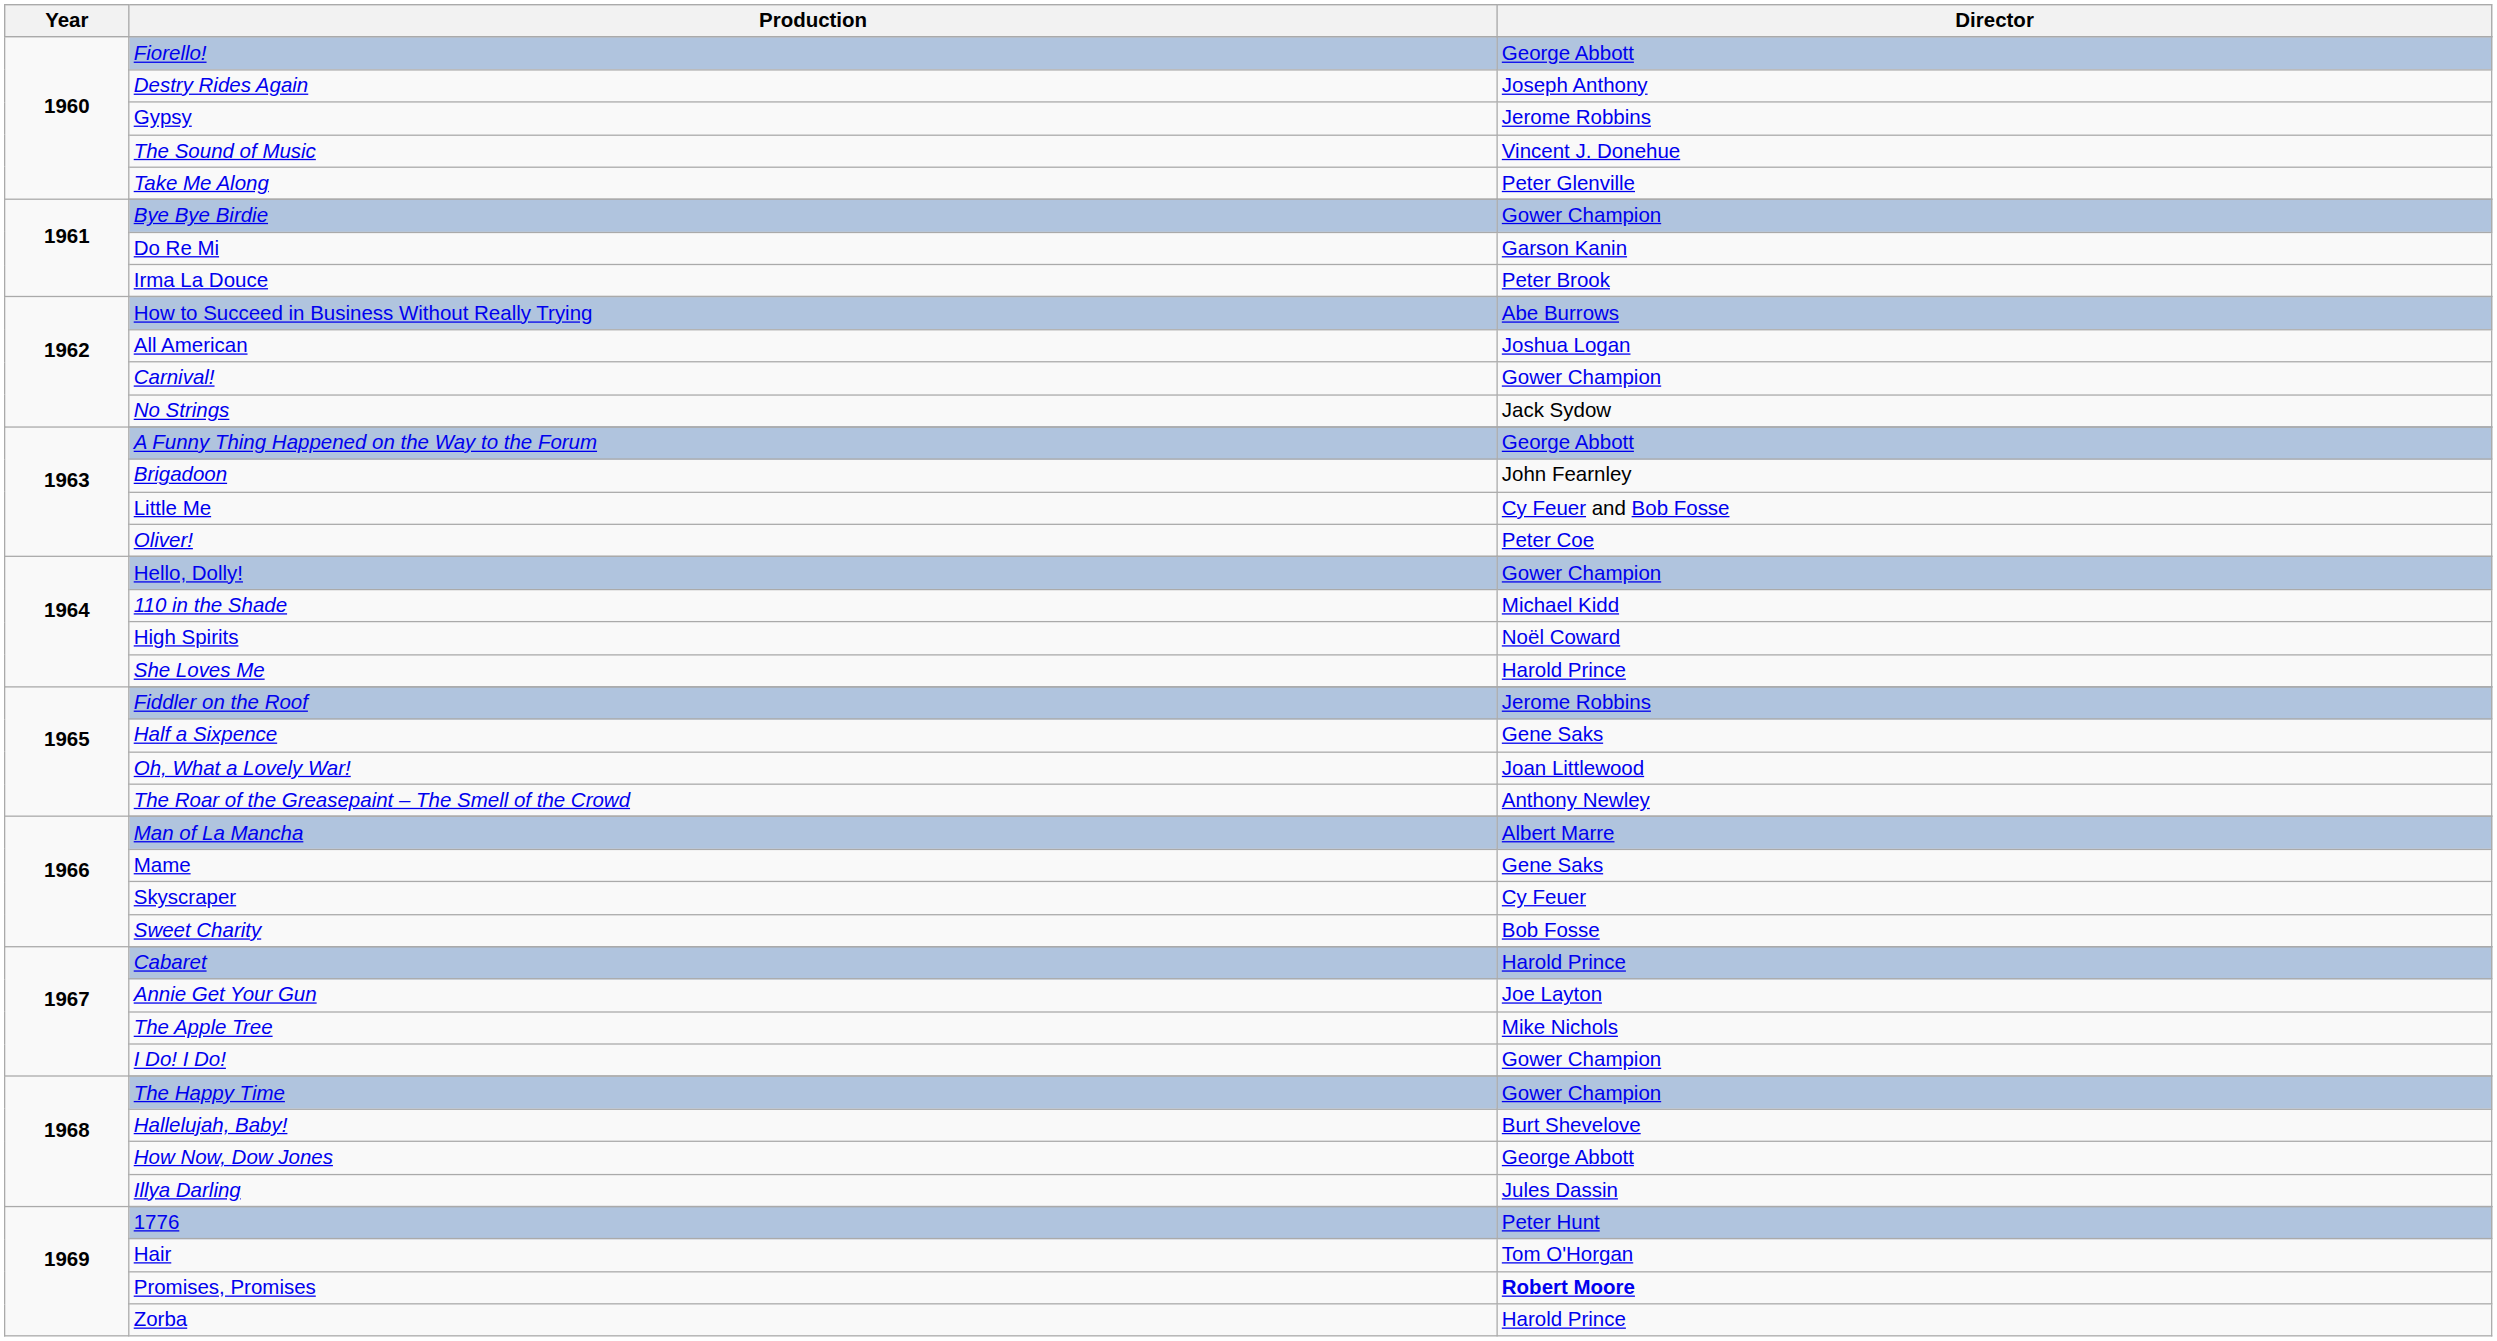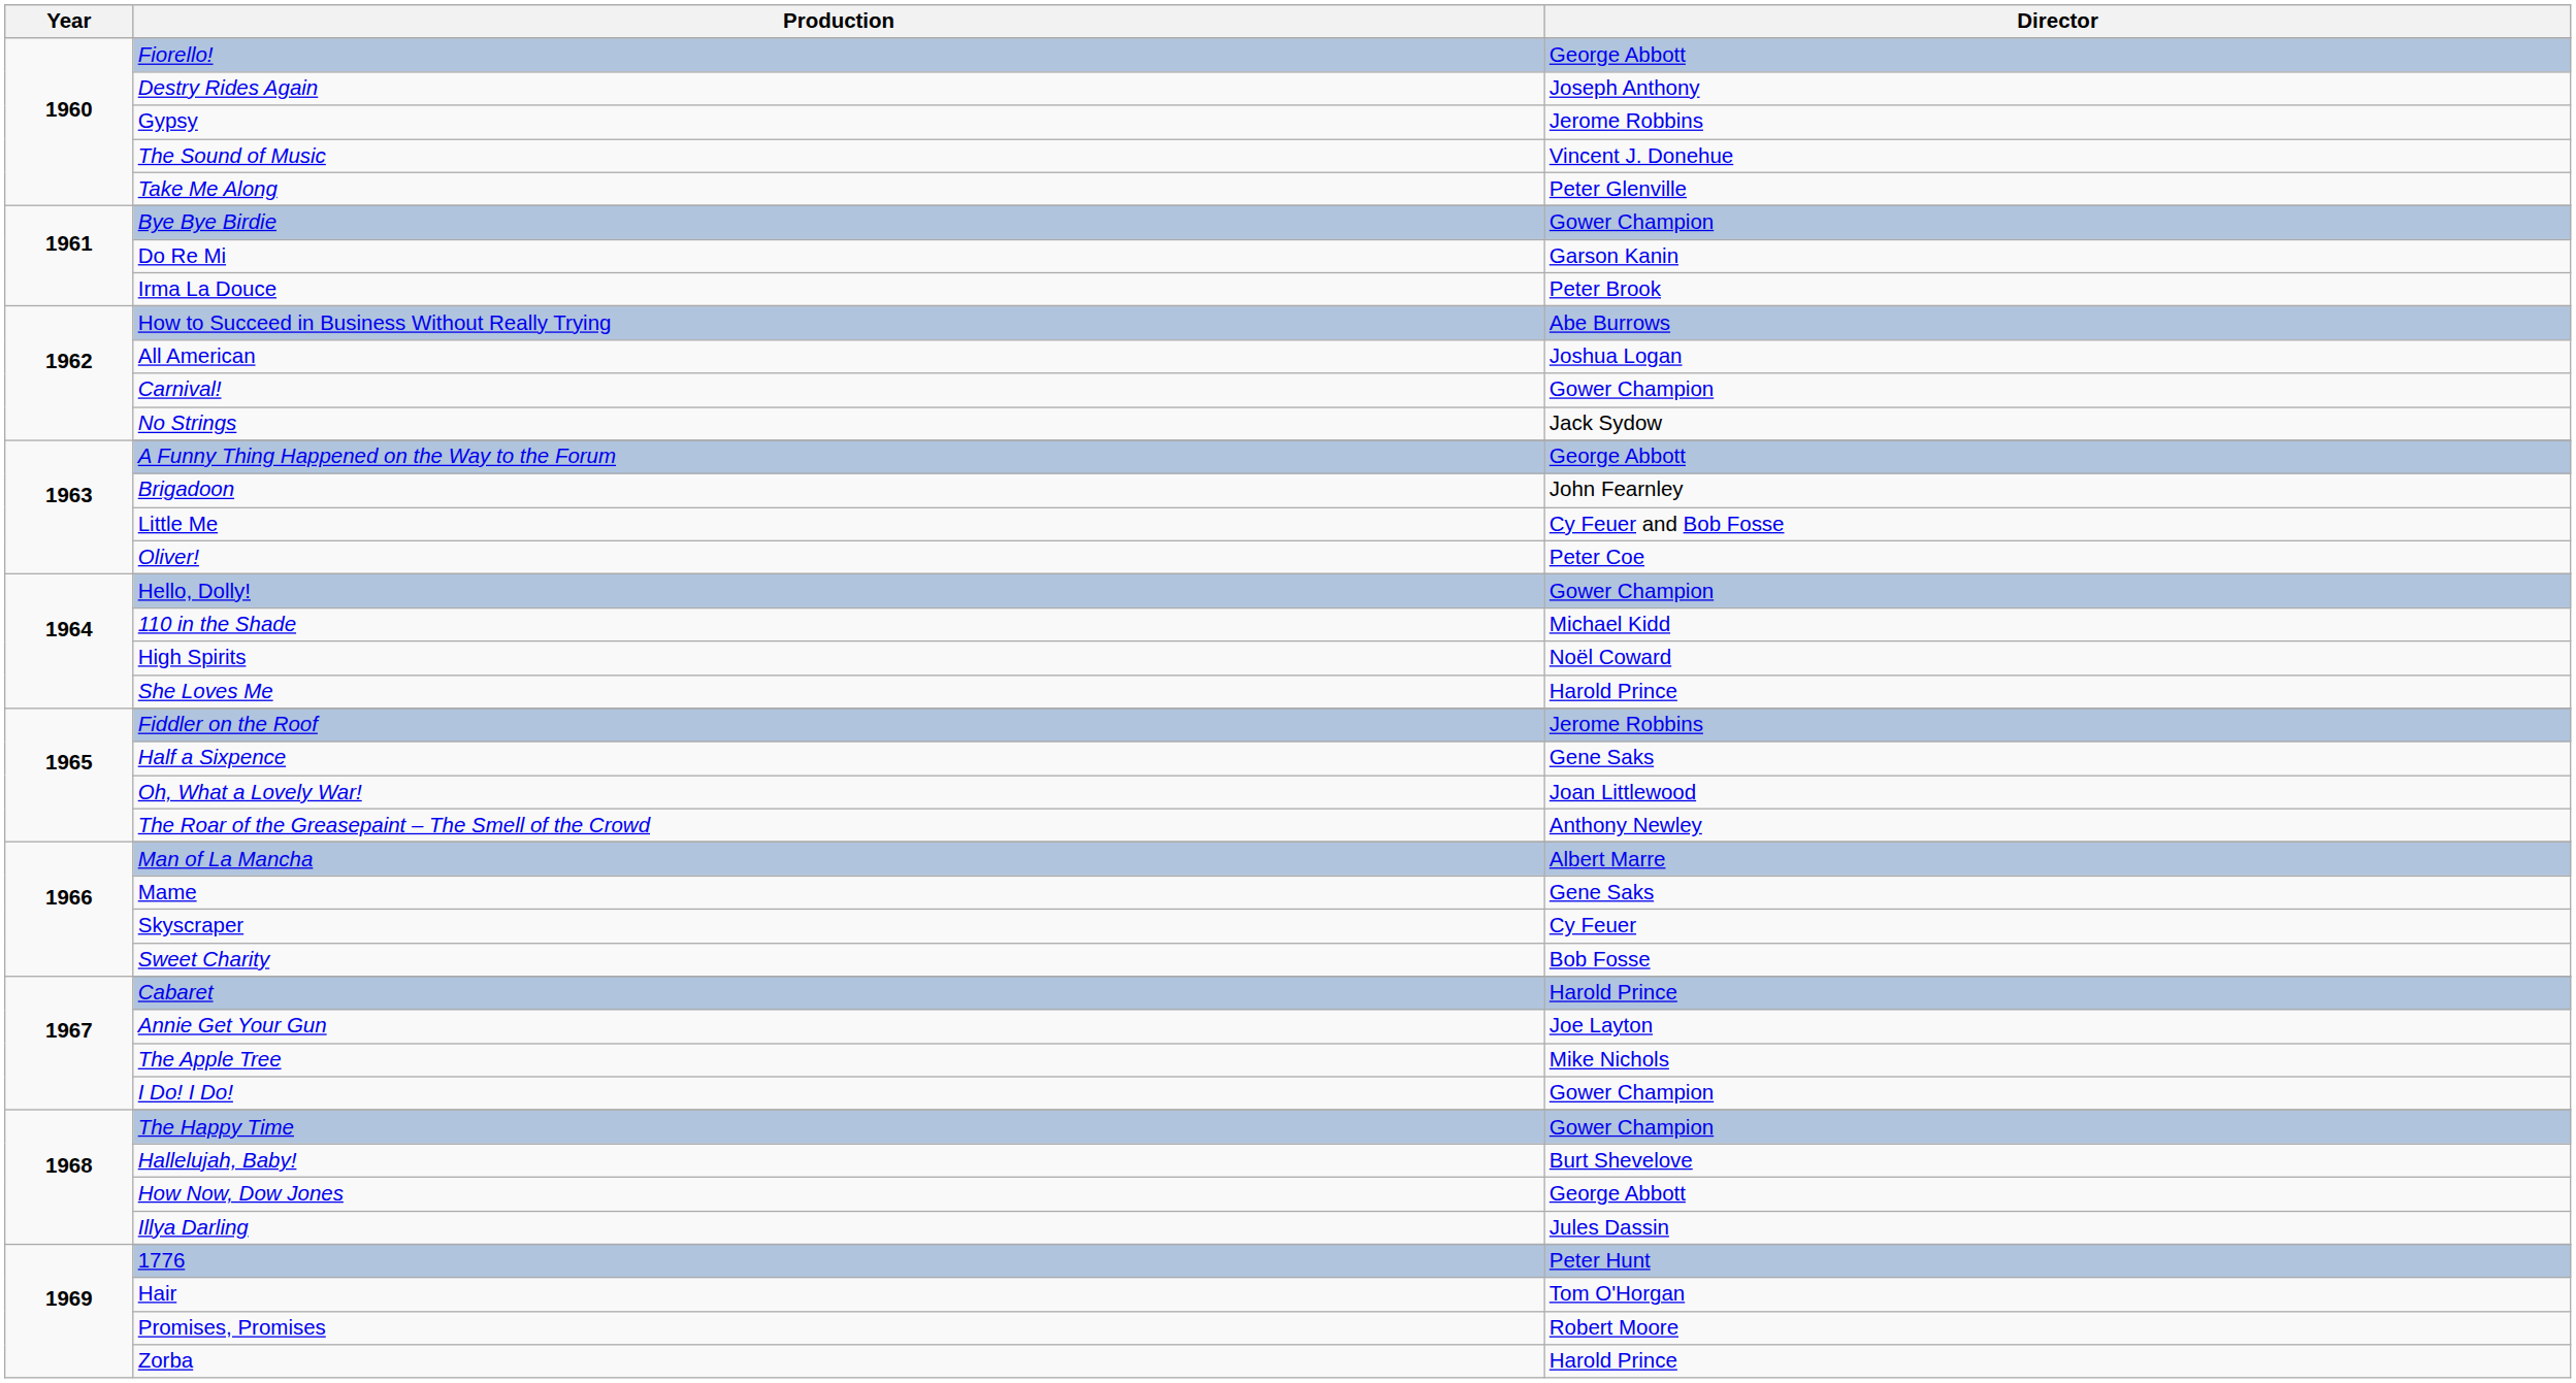 <table class="wikitable" style="width:98%;">
 <tr style="background:#bebebe;">
 <th style="width:5%;">Year</th>
 <th style="width:55%;">Production</th>
 <th style="width:40%;">Director</th>
 </tr>
 <tr>
 <td rowspan="6" align="center"><strong>1960</strong><br><br></td>
 </tr>
 <tr style="background:#B0C4DE">
 <td><em><a href='#'>Fiorello!</a></em></td>
 <td><a href='#'>George Abbott</a></td>
 </tr>
 <tr>
 <td><em><a href='#'>Destry Rides Again</a></em></td>
 <td><a href='#'>Joseph Anthony</a></td>
 </tr>
 <tr>
 <td><em><a href='#'></em>Gypsy<em></a></em></td>
 <td><a href='#'>Jerome Robbins</a></td>
 </tr>
 <tr>
 <td><em><a href='#'>The Sound of Music</a></em></td>
 <td><a href='#'>Vincent J. Donehue</a></td>
 </tr>
 <tr>
 <td><em><a href='#'>Take Me Along</a></em></td>
 <td><a href='#'>Peter Glenville</a></td>
 </tr>
 <tr>
 <td rowspan="4" align="center"><strong>1961</strong><br><br></td>
 </tr>
 <tr style="background:#B0C4DE">
 <td><em><a href='#'>Bye Bye Birdie</a></em></td>
 <td><a href='#'>Gower Champion</a></td>
 </tr>
 <tr>
 <td><em><a href='#'></em>Do Re Mi<em></a></em></td>
 <td><a href='#'>Garson Kanin</a></td>
 </tr>
 <tr>
 <td><em><a href='#'></em>Irma La Douce<em></a></em></td>
 <td><a href='#'>Peter Brook</a></td>
 </tr>
 <tr>
 <td rowspan="5" align="center"><strong>1962</strong><br><br></td>
 </tr>
 <tr style="background:#B0C4DE">
 <td><em><a href='#'></em>How to Succeed in Business Without Really Trying<em></a></em></td>
 <td><a href='#'>Abe Burrows</a></td>
 </tr>
 <tr>
 <td><em><a href='#'></em>All American<em></a></em></td>
 <td><a href='#'>Joshua Logan</a></td>
 </tr>
 <tr>
 <td><em><a href='#'>Carnival!</a></em></td>
 <td><a href='#'>Gower Champion</a></td>
 </tr>
 <tr>
 <td><em><a href='#'>No Strings</a></em></td>
 <td>Jack Sydow</td>
 </tr>
 <tr>
 <td rowspan="5" align="center"><strong>1963</strong><br><br></td>
 </tr>
 <tr style="background:#B0C4DE">
 <td><em><a href='#'>A Funny Thing Happened on the Way to the Forum</a></em></td>
 <td><a href='#'>George Abbott</a></td>
 </tr>
 <tr>
 <td><em><a href='#'>Brigadoon</a></em></td>
 <td>John Fearnley</td>
 </tr>
 <tr>
 <td><em><a href='#'></em>Little Me<em></a></em></td>
 <td><a href='#'>Cy Feuer</a> and <a href='#'>Bob Fosse</a></td>
 </tr>
 <tr>
 <td><em><a href='#'>Oliver!</a></em></td>
 <td><a href='#'>Peter Coe</a></td>
 </tr>
 <tr>
 <td rowspan="5" align="center"><strong>1964</strong><br><br></td>
 </tr>
 <tr style="background:#B0C4DE">
 <td><em><a href='#'></em>Hello, Dolly!<em></a></em></td>
 <td><a href='#'>Gower Champion</a></td>
 </tr>
 <tr>
 <td><em><a href='#'>110 in the Shade</a></em></td>
 <td><a href='#'>Michael Kidd</a></td>
 </tr>
 <tr>
 <td><em><a href='#'></em>High Spirits<em></a></em></td>
 <td><a href='#'>Noël Coward</a></td>
 </tr>
 <tr>
 <td><em><a href='#'>She Loves Me</a></em></td>
 <td><a href='#'>Harold Prince</a></td>
 </tr>
 <tr>
 <td rowspan="5" align="center"><strong>1965</strong><br><br></td>
 </tr>
 <tr style="background:#B0C4DE">
 <td><em><a href='#'>Fiddler on the Roof</a></em></td>
 <td><a href='#'>Jerome Robbins</a></td>
 </tr>
 <tr>
 <td><em><a href='#'>Half a Sixpence</a></em></td>
 <td><a href='#'>Gene Saks</a></td>
 </tr>
 <tr>
 <td><em><a href='#'>Oh, What a Lovely War!</a></em></td>
 <td><a href='#'>Joan Littlewood</a></td>
 </tr>
 <tr>
 <td><em><a href='#'>The Roar of the Greasepaint – The Smell of the Crowd</a></em></td>
 <td><a href='#'>Anthony Newley</a></td>
 </tr>
 <tr>
 <td rowspan="5" align="center"><strong>1966</strong><br><br></td>
 </tr>
 <tr style="background:#B0C4DE">
 <td><em><a href='#'>Man of La Mancha</a></em></td>
 <td><a href='#'>Albert Marre</a></td>
 </tr>
 <tr>
 <td><em><a href='#'></em>Mame<em></a></em></td>
 <td><a href='#'>Gene Saks</a></td>
 </tr>
 <tr>
 <td><em><a href='#'></em>Skyscraper<em></a></em></td>
 <td><a href='#'>Cy Feuer</a></td>
 </tr>
 <tr>
 <td><em><a href='#'>Sweet Charity</a></em></td>
 <td><a href='#'>Bob Fosse</a></td>
 </tr>
 <tr>
 <td rowspan="5" align="center"><strong>1967</strong><br><br></td>
 </tr>
 <tr style="background:#B0C4DE">
 <td><em><a href='#'>Cabaret</a></em></td>
 <td><a href='#'>Harold Prince</a></td>
 </tr>
 <tr>
 <td><em><a href='#'>Annie Get Your Gun</a></em></td>
 <td><a href='#'>Joe Layton</a></td>
 </tr>
 <tr>
 <td><em><a href='#'>The Apple Tree</a></em></td>
 <td><a href='#'>Mike Nichols</a></td>
 </tr>
 <tr>
 <td><em><a href='#'>I Do! I Do!</a></em></td>
 <td><a href='#'>Gower Champion</a></td>
 </tr>
 <tr>
 <td rowspan="5" align="center"><strong>1968</strong><br><br></td>
 </tr>
 <tr style="background:#B0C4DE">
 <td><a href='#'><em>The Happy Time</em></a></td>
 <td><a href='#'>Gower Champion</a></td>
 </tr>
 <tr>
 <td><em><a href='#'>Hallelujah, Baby!</a></em></td>
 <td><a href='#'>Burt Shevelove</a></td>
 </tr>
 <tr>
 <td><em><a href='#'>How Now, Dow Jones</a></em></td>
 <td><a href='#'>George Abbott</a></td>
 </tr>
 <tr>
 <td><em><a href='#'>Illya Darling</a></em></td>
 <td><a href='#'>Jules Dassin</a></td>
 </tr>
 <tr>
 <td rowspan="5" align="center"><strong>1969</strong><br><br></td>
 </tr>
 <tr style="background:#B0C4DE">
 <td><em><a href='#'></em>1776<em></a></em></td>
 <td><a href='#'>Peter Hunt</a></td>
 </tr>
 <tr>
 <td><em><a href='#'></em>Hair<em></a></em></td>
 <td><a href='#'>Tom O'Horgan</a></td>
 </tr>
 <tr>
 <td><em><a href='#'></em>Promises, Promises<em></a></em></td>
-<td><strong><a href='#'>Robert Moore</a></strong></td>
+<td><a href='#'>Robert Moore</a></td>
 </tr>
 <tr>
 <td><em><a href='#'></em>Zorba<em></a></em></td>
 <td><a href='#'>Harold Prince</a></td>
 </tr>
 </table>
